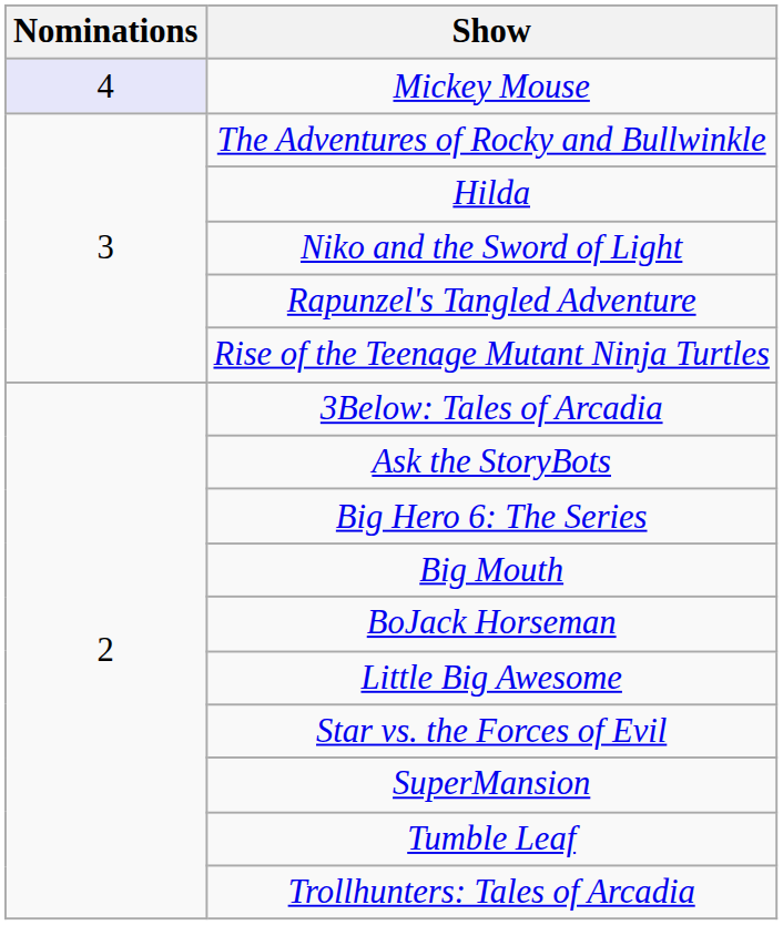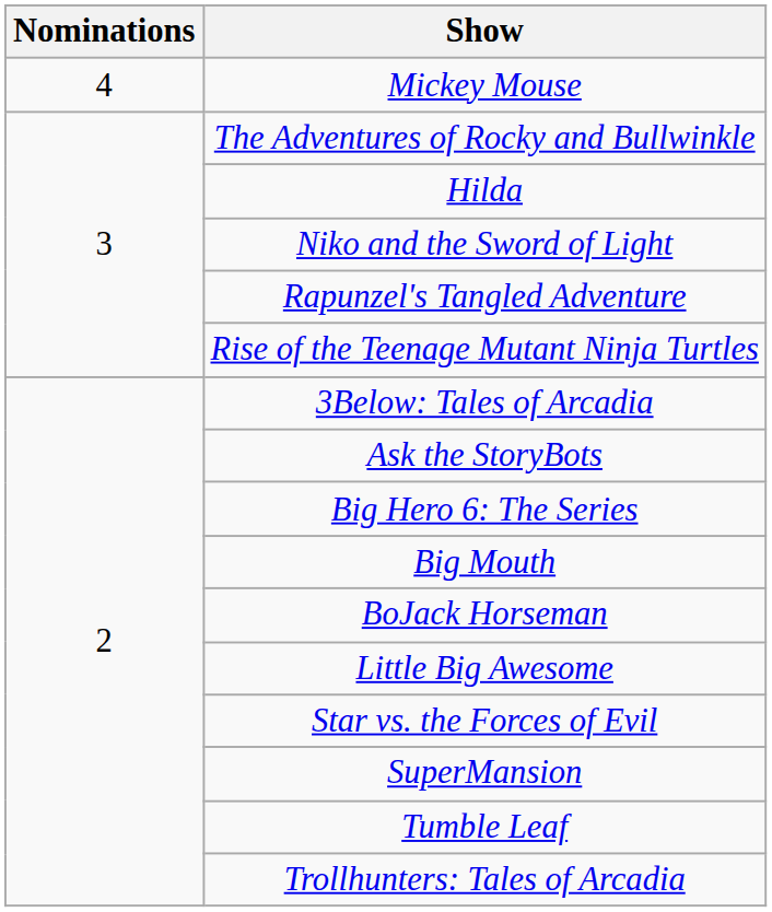 <table class="wikitable" style="text-align: center">
 <tr>
 <th scope="col" width="55">Nominations</th>
 <th scope="col" align="center">Show</th>
 </tr>
 <tr>
-<td rowspan=1 style="background: lavender; text-align:center">4</td>
+<td rowspan=1 style="text-align:center">4</td>
 <td><em><a href='#'>Mickey Mouse</a></em></td>
 </tr>
 <tr>
 <td rowspan=5 style="text-align:center">3</td>
 <td><em><a href='#'>The Adventures of Rocky and Bullwinkle</a></em></td>
 </tr>
 <tr>
 <td><em><a href='#'>Hilda</a></em></td>
 </tr>
 <tr>
 <td><em><a href='#'>Niko and the Sword of Light</a></em></td>
 </tr>
 <tr>
 <td><em><a href='#'>Rapunzel's Tangled Adventure</a></em></td>
 </tr>
 <tr>
 <td><em><a href='#'>Rise of the Teenage Mutant Ninja Turtles</a></em></td>
 </tr>
 <tr>
 <td rowspan=10 style="text-align:center">2</td>
 <td><em><a href='#'>3Below: Tales of Arcadia</a></em></td>
 </tr>
 <tr>
 <td><em><a href='#'>Ask the StoryBots</a></em></td>
 </tr>
 <tr>
 <td><em><a href='#'>Big Hero 6: The Series</a></em></td>
 </tr>
 <tr>
 <td><em><a href='#'>Big Mouth</a></em></td>
 </tr>
 <tr>
 <td><em><a href='#'>BoJack Horseman</a></em></td>
 </tr>
 <tr>
 <td><em><a href='#'>Little Big Awesome</a></em></td>
 </tr>
 <tr>
 <td><em><a href='#'>Star vs. the Forces of Evil</a></em></td>
 </tr>
 <tr>
 <td><em><a href='#'>SuperMansion</a></em></td>
 </tr>
 <tr>
 <td><em><a href='#'>Tumble Leaf</a></em></td>
 </tr>
 <tr>
 <td><em><a href='#'>Trollhunters: Tales of Arcadia</a></em></td>
 </tr>
 </table>
